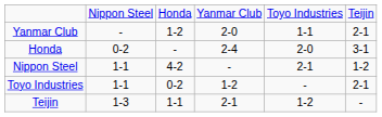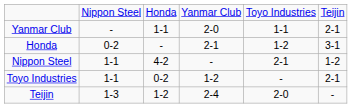 <table class="wikitable">
 <tr align=center>
 <td></td>
 <td><a href='#'>Nippon Steel</a></td>
 <td><a href='#'>Honda</a></td>
 <td><a href='#'>Yanmar Club</a></td>
 <td><a href='#'>Toyo Industries</a></td>
 <td><a href='#'>Teijin</a></td>
 </tr>
 <tr align=center>
 <td><a href='#'>Yanmar Club</a></td>
 <td>-</td>
-<td>1-2</td>
+<td>1-1</td>
 <td>2-0</td>
 <td>1-1</td>
 <td>2-1</td>
 </tr>
 <tr align=center>
 <td><a href='#'>Honda</a></td>
 <td>0-2</td>
 <td>-</td>
-<td>2-4</td>
-<td>2-0</td>
+<td>2-1</td>
+<td>1-2</td>
 <td>3-1</td>
 </tr>
 <tr align=center>
 <td><a href='#'>Nippon Steel</a></td>
 <td>1-1</td>
 <td>4-2</td>
 <td>-</td>
 <td>2-1</td>
 <td>1-2</td>
 </tr>
 <tr align=center>
 <td><a href='#'>Toyo Industries</a></td>
 <td>1-1</td>
 <td>0-2</td>
 <td>1-2</td>
 <td>-</td>
 <td>2-1</td>
 </tr>
 <tr align=center>
 <td><a href='#'>Teijin</a></td>
 <td>1-3</td>
-<td>1-1</td>
-<td>2-1</td>
 <td>1-2</td>
+<td>2-4</td>
+<td>2-0</td>
 <td>-</td>
 </tr>
 </table>
